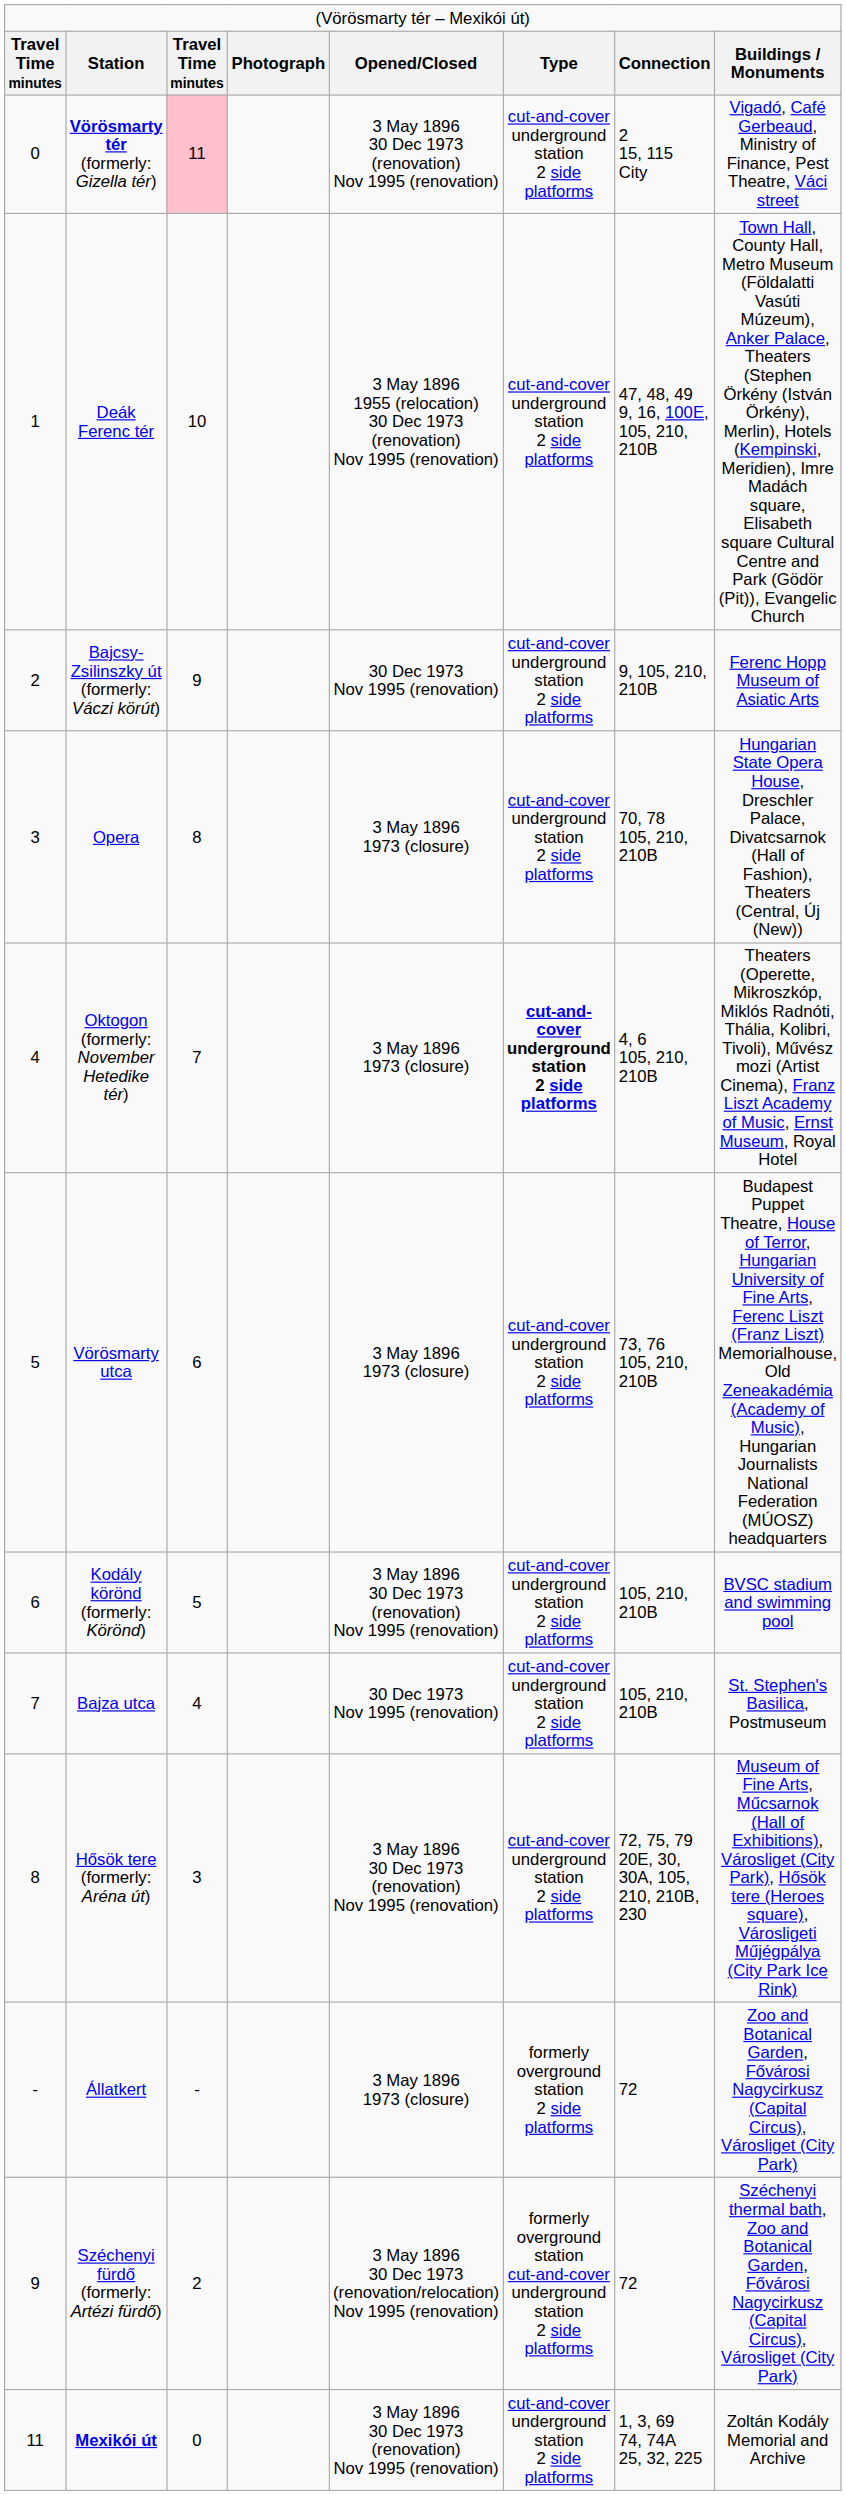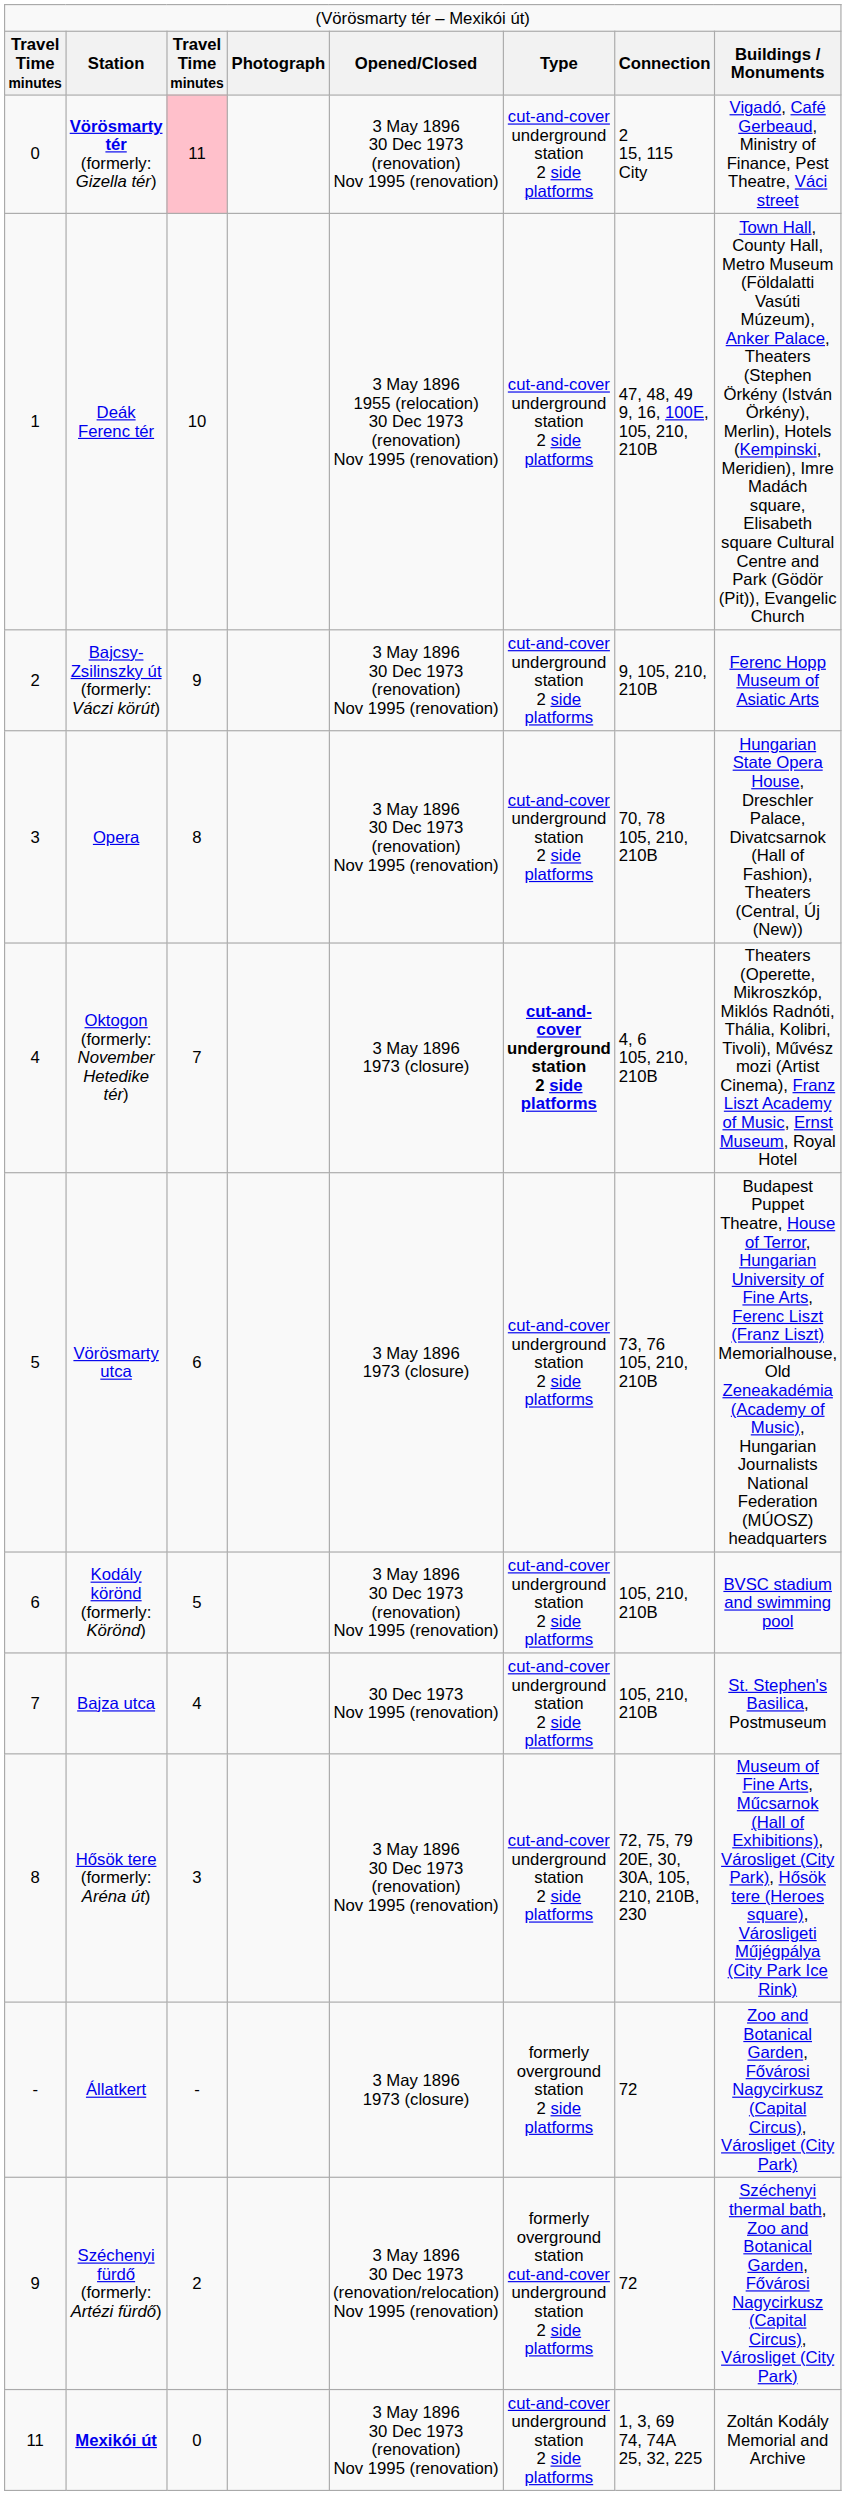 <table class=wikitable style="font-size: 90%; text-align:center">
 <tr>
 <td colspan="8" style="background-color:#"><span>  (Vörösmarty tér – Mexikói út)</span></td>
 </tr>
 <tr>
 <th width="5%">Travel Time<br><small>minutes</small></th>
 <th width="13%">Station</th>
 <th width="5%">Travel Time<br><small>minutes</small></th>
 <th>Photograph</th>
 <th width="10%">Opened/Closed</th>
 <th width="10%">Type</th>
 <th width="20%">Connection</th>
 <th>Buildings / Monuments</th>
 </tr>
 <tr>
 <td>0</td>
 <td><strong><a href='#'>Vörösmarty tér</a></strong><br>(formerly: <em>Gizella tér</em>)</td>
 <td style="background: pink;">11</td>
 <td></td>
 <td>3 May 1896<br>30 Dec 1973 (renovation)<br>Nov 1995 (renovation)</td>
 <td><a href='#'>cut-and-cover</a><br>underground station<br>2 <a href='#'>side platforms</a></td>
 <td align=left> 2<br> 15, 115 <br> City</td>
 <td><a href='#'>Vigadó</a>, <a href='#'>Café Gerbeaud</a>, Ministry of Finance, Pest Theatre, <a href='#'>Váci street</a></td>
 </tr>
 <tr>
 <td>1</td>
 <td><a href='#'>Deák Ferenc tér</a></td>
 <td>10</td>
 <td></td>
 <td>3 May 1896<br>1955 (relocation)<br>30 Dec 1973 (renovation)<br>Nov 1995 (renovation)</td>
 <td><a href='#'>cut-and-cover</a><br>underground station<br>2 <a href='#'>side platforms</a></td>
 <td align=left>  47, 48, 49<br> 9, 16, <a href='#'>100E</a>, 105, 210, 210B</td>
 <td><a href='#'>Town Hall</a>, County Hall, Metro Museum (Földalatti Vasúti Múzeum), <a href='#'>Anker Palace</a>, Theaters (Stephen Örkény (István Örkény), Merlin), Hotels (<a href='#'>Kempinski</a>, Meridien), Imre Madách square, Elisabeth square Cultural Centre and Park (Gödör (Pit)), Evangelic Church</td>
 </tr>
 <tr>
 <td>2</td>
 <td><a href='#'>Bajcsy-Zsilinszky út</a><br>(formerly: <em>Váczi körút</em>)</td>
 <td>9</td>
 <td></td>
-<td>30 Dec 1973<br>Nov 1995 (renovation)</td>
+<td>3 May 1896<br>30 Dec 1973 (renovation)<br>Nov 1995 (renovation)</td>
 <td><a href='#'>cut-and-cover</a><br>underground station<br>2 <a href='#'>side platforms</a></td>
 <td align=left> 9, 105, 210, 210B</td>
 <td><a href='#'>Ferenc Hopp Museum of Asiatic Arts</a></td>
 </tr>
 <tr>
 <td>3</td>
 <td><a href='#'>Opera</a></td>
 <td>8</td>
 <td></td>
-<td>3 May 1896<br>1973 (closure)</td>
+<td>3 May 1896<br>30 Dec 1973 (renovation)<br>Nov 1995 (renovation)</td>
 <td><a href='#'>cut-and-cover</a><br>underground station<br>2 <a href='#'>side platforms</a></td>
 <td align=left> 70, 78<br> 105, 210, 210B</td>
 <td><a href='#'>Hungarian State Opera House</a>, Dreschler Palace, Divatcsarnok (Hall of Fashion), Theaters (Central, Új (New))</td>
 </tr>
 <tr>
 <td>4</td>
 <td><a href='#'>Oktogon</a><br>(formerly: <em>November Hetedike tér</em>)</td>
 <td>7</td>
 <td></td>
 <td>3 May 1896<br>1973 (closure)</td>
 <td><strong><a href='#'>cut-and-cover</a><br>underground station<br>2 <a href='#'>side platforms</a></strong></td>
 <td align=left> 4, 6<br>  105, 210, 210B</td>
 <td>Theaters (Operette, Mikroszkóp, Miklós Radnóti, Thália, Kolibri, Tivoli), Művész mozi (Artist Cinema), <a href='#'>Franz Liszt Academy of Music</a>, <a href='#'>Ernst Museum</a>, Royal Hotel</td>
 </tr>
 <tr>
 <td>5</td>
 <td><a href='#'>Vörösmarty utca</a></td>
 <td>6</td>
 <td></td>
 <td>3 May 1896<br>1973 (closure)</td>
 <td><a href='#'>cut-and-cover</a><br>underground station<br>2 <a href='#'>side platforms</a></td>
 <td align=left> 73, 76<br> 105, 210, 210B</td>
 <td>Budapest Puppet Theatre, <a href='#'>House of Terror</a>, <a href='#'>Hungarian University of Fine Arts</a>, <a href='#'>Ferenc Liszt (Franz Liszt)</a> Memorialhouse, Old <a href='#'>Zeneakadémia (Academy of Music)</a>, Hungarian Journalists National Federation (MÚOSZ) headquarters</td>
 </tr>
 <tr>
 <td>6</td>
 <td><a href='#'>Kodály körönd</a><br>(formerly: <em>Körönd</em>)</td>
 <td>5</td>
 <td></td>
 <td>3 May 1896<br>30 Dec 1973 (renovation)<br>Nov 1995 (renovation)</td>
 <td><a href='#'>cut-and-cover</a><br>underground station<br>2 <a href='#'>side platforms</a></td>
 <td align=left> 105, 210, 210B</td>
 <td><a href='#'>BVSC stadium and swimming pool</a></td>
 </tr>
 <tr>
 <td>7</td>
 <td><a href='#'>Bajza utca</a></td>
 <td>4</td>
 <td></td>
 <td>30 Dec 1973<br>Nov 1995 (renovation)</td>
 <td><a href='#'>cut-and-cover</a><br>underground station<br>2 <a href='#'>side platforms</a></td>
 <td align=left> 105, 210, 210B</td>
 <td><a href='#'>St. Stephen's Basilica</a>, Postmuseum</td>
 </tr>
 <tr>
 <td>8</td>
 <td><a href='#'>Hősök tere</a><br>(formerly: <em>Aréna út</em>)</td>
 <td>3</td>
 <td></td>
 <td>3 May 1896<br>30 Dec 1973 (renovation)<br>Nov 1995 (renovation)</td>
 <td><a href='#'>cut-and-cover</a><br>underground station<br>2 <a href='#'>side platforms</a></td>
 <td align=left> 72, 75, 79<br> 20E, 30, 30A, 105, 210, 210B, 230</td>
 <td><a href='#'>Museum of Fine Arts</a>, <a href='#'>Műcsarnok (Hall of Exhibitions)</a>, <a href='#'>Városliget (City Park)</a>, <a href='#'>Hősök tere (Heroes square)</a>, <a href='#'>Városligeti Műjégpálya (City Park Ice Rink)</a></td>
 </tr>
 <tr>
 <td>-</td>
 <td><a href='#'>Állatkert</a></td>
 <td>-</td>
 <td></td>
 <td>3 May 1896<br>1973 (closure)</td>
 <td>formerly overground station<br>2 <a href='#'>side platforms</a></td>
 <td align=left> 72</td>
 <td><a href='#'>Zoo and Botanical Garden</a>, <a href='#'>Fővárosi Nagycirkusz (Capital Circus)</a>, <a href='#'>Városliget (City Park)</a></td>
 </tr>
 <tr>
 <td>9</td>
 <td><a href='#'>Széchenyi fürdő</a><br>(formerly: <em>Artézi fürdő</em>)</td>
 <td>2</td>
 <td></td>
 <td>3 May 1896<br>30 Dec 1973 (renovation/relocation)<br>Nov 1995 (renovation)</td>
 <td>formerly overground station<br><a href='#'>cut-and-cover</a><br>underground station<br>2 <a href='#'>side platforms</a></td>
 <td align=left> 72</td>
 <td><a href='#'>Széchenyi thermal bath</a>, <a href='#'>Zoo and Botanical Garden</a>, <a href='#'>Fővárosi Nagycirkusz (Capital Circus)</a>, <a href='#'>Városliget (City Park)</a></td>
 </tr>
 <tr>
 <td>11</td>
 <td><strong><a href='#'>Mexikói út</a></strong></td>
 <td>0</td>
 <td></td>
 <td>3 May 1896<br>30 Dec 1973 (renovation)<br>Nov 1995 (renovation)</td>
 <td><a href='#'>cut-and-cover</a><br>underground station<br>2 <a href='#'>side platforms</a></td>
 <td align=left> 1, 3, 69<br> 74, 74A<br> 25, 32, 225</td>
 <td>Zoltán Kodály Memorial and Archive</td>
 </tr>
 </table>
